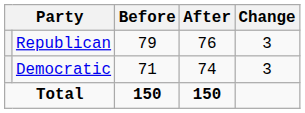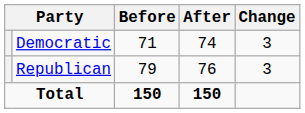 <table class="wikitable" style="text-align:center;">
 <tr>
 <th colspan="2">Party</th>
 <th>Before</th>
 <th>After</th>
 <th>Change</th>
 </tr>
 <tr>
 <th style="background-color:"></th>
-<td style="text-align:left;"><a href='#'>Republican</a></td>
-<td>79</td>
-<td>76</td>
+<td style="text-align:left;"><a href='#'>Democratic</a></td>
+<td>71</td>
+<td>74</td>
 <td> 3</td>
 </tr>
 <tr>
 <th style="background-color:"></th>
-<td style="text-align:left;"><a href='#'>Democratic</a></td>
-<td>71</td>
-<td>74</td>
+<td style="text-align:left;"><a href='#'>Republican</a></td>
+<td>79</td>
+<td>76</td>
 <td> 3</td>
 </tr>
 <tr>
 <td colspan="2"><strong>Total</strong></td>
 <td><strong>150</strong></td>
 <td><strong>150</strong></td>
 <td></td>
 </tr>
 </table>
